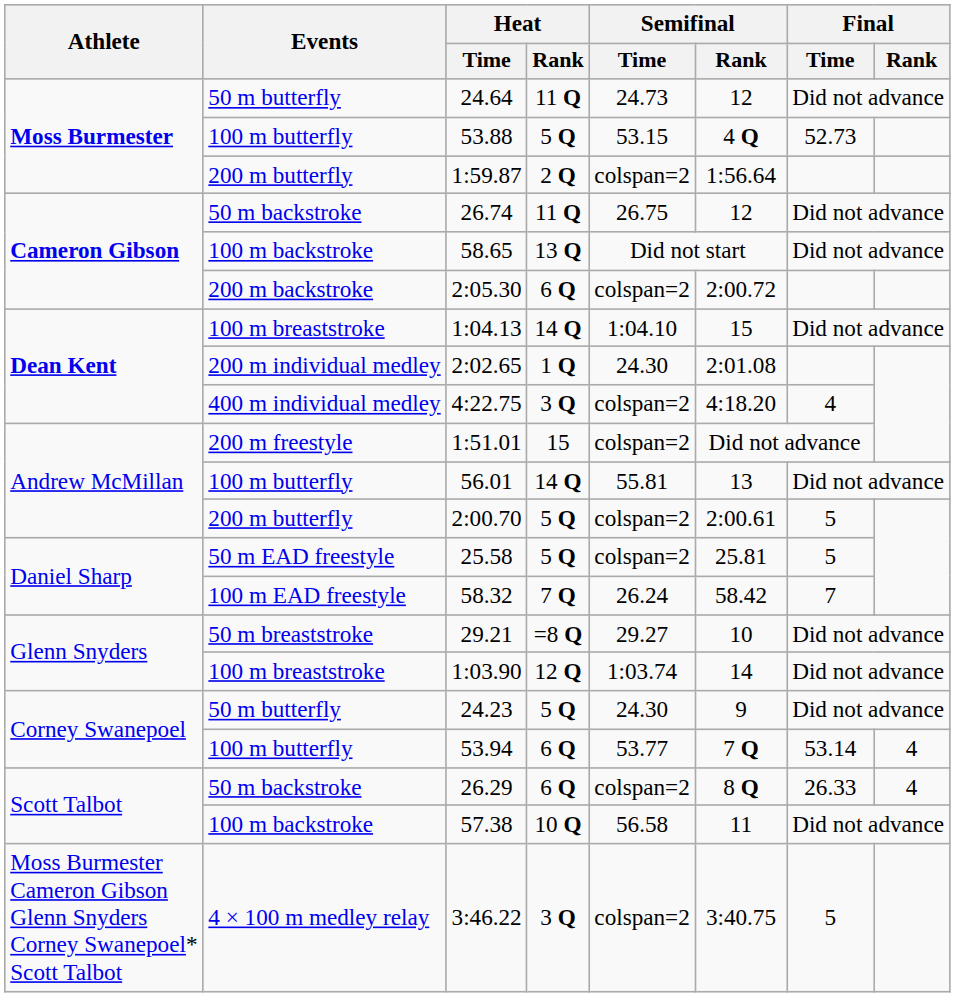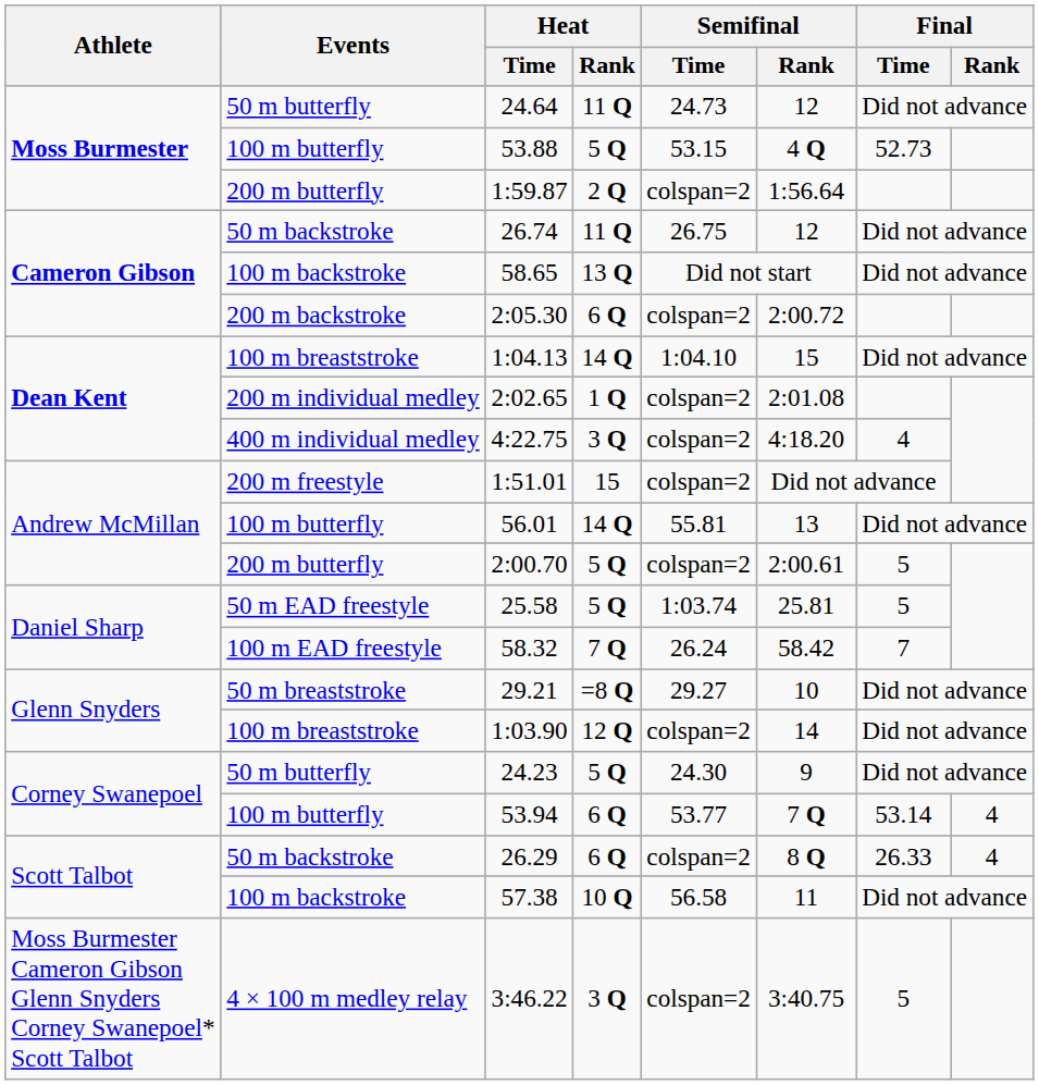 <table class=wikitable style="font-size:90%">
 <tr align=center>
 <th rowspan="2">Athlete</th>
 <th rowspan="2">Events</th>
 <th colspan="2">Heat</th>
 <th colspan="2">Semifinal</th>
 <th colspan="2">Final</th>
 </tr>
 <tr style="font-size:95%">
 <th>Time</th>
 <th>Rank</th>
 <th>Time</th>
 <th>Rank</th>
 <th>Time</th>
 <th>Rank</th>
 </tr>
 <tr align=center>
 <td align=left rowspan=3><strong><a href='#'>Moss Burmester</a></strong></td>
 <td align=left><a href='#'>50 m butterfly</a></td>
 <td>24.64</td>
 <td>11 <strong>Q</strong></td>
 <td>24.73</td>
 <td>12</td>
 <td colspan=2>Did not advance</td>
 </tr>
 <tr align=center>
 <td align=left><a href='#'>100 m butterfly</a></td>
 <td>53.88</td>
 <td>5 <strong>Q</strong></td>
 <td>53.15</td>
 <td>4 <strong>Q</strong></td>
 <td>52.73</td>
 <td></td>
 </tr>
 <tr align=center>
 <td align=left><a href='#'>200 m butterfly</a></td>
 <td>1:59.87</td>
 <td>2 <strong>Q</strong></td>
 <td>colspan=2 </td>
 <td>1:56.64</td>
 <td></td>
 </tr>
 <tr align=center>
 <td align=left rowspan=3><strong><a href='#'>Cameron Gibson</a></strong></td>
 <td align=left><a href='#'>50 m backstroke</a></td>
 <td>26.74</td>
 <td>11 <strong>Q</strong></td>
 <td>26.75</td>
 <td>12</td>
 <td colspan=2>Did not advance</td>
 </tr>
 <tr align=center>
 <td align=left><a href='#'>100 m backstroke</a></td>
 <td>58.65</td>
 <td>13 <strong>Q</strong></td>
 <td colspan=2>Did not start</td>
 <td colspan=2>Did not advance</td>
 </tr>
 <tr align=center>
 <td align=left><a href='#'>200 m backstroke</a></td>
 <td>2:05.30</td>
 <td>6 <strong>Q</strong></td>
 <td>colspan=2 </td>
 <td>2:00.72</td>
 <td></td>
 </tr>
 <tr align=center>
 <td align=left rowspan=3><strong><a href='#'>Dean Kent</a></strong></td>
 <td align=left><a href='#'>100 m breaststroke</a></td>
 <td>1:04.13</td>
 <td>14 <strong>Q</strong></td>
 <td>1:04.10</td>
 <td>15</td>
 <td colspan=2>Did not advance</td>
 </tr>
 <tr align=center>
 <td align=left><a href='#'>200 m individual medley</a></td>
 <td>2:02.65</td>
 <td>1 <strong>Q</strong></td>
-<td>24.30</td>
+<td>colspan=2 </td>
 <td>2:01.08</td>
 <td></td>
 </tr>
 <tr align=center>
 <td align=left><a href='#'>400 m individual medley</a></td>
 <td>4:22.75</td>
 <td>3 <strong>Q</strong></td>
 <td>colspan=2 </td>
 <td>4:18.20</td>
 <td>4</td>
 </tr>
 <tr align=center>
 <td align=left rowspan=3><a href='#'>Andrew McMillan</a></td>
 <td align=left><a href='#'>200 m freestyle</a></td>
 <td>1:51.01</td>
 <td>15</td>
 <td>colspan=2 </td>
 <td colspan=2>Did not advance</td>
 </tr>
 <tr align=center>
 <td align=left><a href='#'>100 m butterfly</a></td>
 <td>56.01</td>
 <td>14 <strong>Q</strong></td>
 <td>55.81</td>
 <td>13</td>
 <td colspan=2>Did not advance</td>
 </tr>
 <tr align=center>
 <td align=left><a href='#'>200 m butterfly</a></td>
 <td>2:00.70</td>
 <td>5 <strong>Q</strong></td>
 <td>colspan=2 </td>
 <td>2:00.61</td>
 <td>5</td>
 </tr>
 <tr align=center>
 <td align=left rowspan=2><a href='#'>Daniel Sharp</a></td>
 <td align=left><a href='#'>50 m EAD freestyle</a></td>
 <td>25.58</td>
 <td>5 <strong>Q</strong></td>
-<td>colspan=2 </td>
+<td>1:03.74</td>
 <td>25.81</td>
 <td>5</td>
 </tr>
 <tr align=center>
 <td align=left><a href='#'>100 m EAD freestyle</a></td>
 <td>58.32</td>
 <td>7 <strong>Q</strong></td>
 <td>26.24</td>
 <td>58.42</td>
 <td>7</td>
 </tr>
 <tr align=center>
 <td align=left rowspan=2><a href='#'>Glenn Snyders</a></td>
 <td align=left><a href='#'>50 m breaststroke</a></td>
 <td>29.21</td>
 <td>=8 <strong>Q</strong></td>
 <td>29.27</td>
 <td>10</td>
 <td colspan=2>Did not advance</td>
 </tr>
 <tr align=center>
 <td align=left><a href='#'>100 m breaststroke</a></td>
 <td>1:03.90</td>
 <td>12 <strong>Q</strong></td>
-<td>1:03.74</td>
+<td>colspan=2 </td>
 <td>14</td>
 <td colspan=2>Did not advance</td>
 </tr>
 <tr align=center>
 <td align=left rowspan=2><a href='#'>Corney Swanepoel</a></td>
 <td align=left><a href='#'>50 m butterfly</a></td>
 <td>24.23</td>
 <td>5 <strong>Q</strong></td>
 <td>24.30</td>
 <td>9</td>
 <td colspan=2>Did not advance</td>
 </tr>
 <tr align=center>
 <td align=left><a href='#'>100 m butterfly</a></td>
 <td>53.94</td>
 <td>6 <strong>Q</strong></td>
 <td>53.77</td>
 <td>7 <strong>Q</strong></td>
 <td>53.14</td>
 <td>4</td>
 </tr>
 <tr align=center>
 <td align=left rowspan=2><a href='#'>Scott Talbot</a></td>
 <td align=left><a href='#'>50 m backstroke</a></td>
 <td>26.29</td>
 <td>6 <strong>Q</strong></td>
 <td>colspan=2 </td>
 <td>8 <strong>Q</strong></td>
 <td>26.33</td>
 <td>4</td>
 </tr>
 <tr align=center>
 <td align=left><a href='#'>100 m backstroke</a></td>
 <td>57.38</td>
 <td>10 <strong>Q</strong></td>
 <td>56.58</td>
 <td>11</td>
 <td colspan=2>Did not advance</td>
 </tr>
 <tr align=center>
 <td align=left><a href='#'>Moss Burmester</a><br><a href='#'>Cameron Gibson</a><br><a href='#'>Glenn Snyders</a><br><a href='#'>Corney Swanepoel</a>*<br><a href='#'>Scott Talbot</a></td>
 <td align=left><a href='#'>4 × 100 m medley relay</a></td>
 <td>3:46.22</td>
 <td>3 <strong>Q</strong></td>
 <td>colspan=2 </td>
 <td>3:40.75</td>
 <td>5</td>
 </tr>
 </table>
